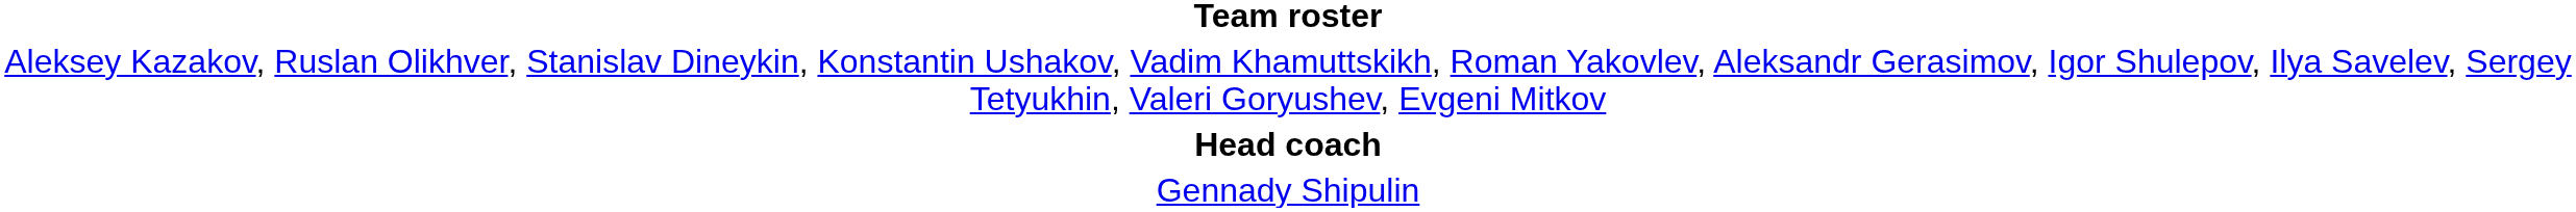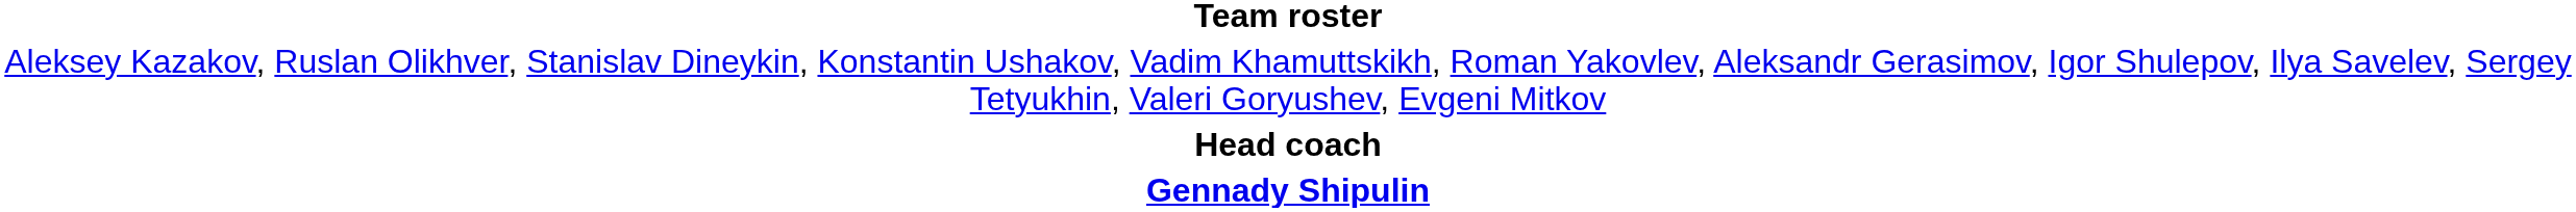 <table style="text-align:center; margin-top:2em; margin-left:auto; margin-right:auto">
 <tr>
 <td><strong>Team roster</strong></td>
 </tr>
 <tr>
 <td><a href='#'>Aleksey Kazakov</a>, <a href='#'>Ruslan Olikhver</a>, <a href='#'>Stanislav Dineykin</a>, <a href='#'>Konstantin Ushakov</a>, <a href='#'>Vadim Khamuttskikh</a>, <a href='#'>Roman Yakovlev</a>, <a href='#'>Aleksandr Gerasimov</a>, <a href='#'>Igor Shulepov</a>, <a href='#'>Ilya Savelev</a>, <a href='#'>Sergey Tetyukhin</a>, <a href='#'>Valeri Goryushev</a>, <a href='#'>Evgeni Mitkov</a></td>
 </tr>
 <tr>
 <td><strong>Head coach</strong></td>
 </tr>
 <tr>
-<td><a href='#'>Gennady Shipulin</a></td>
+<td><strong><a href='#'>Gennady Shipulin</a></strong></td>
 </tr>
 <tr>
 </tr>
 </table>
